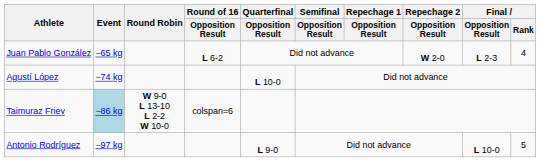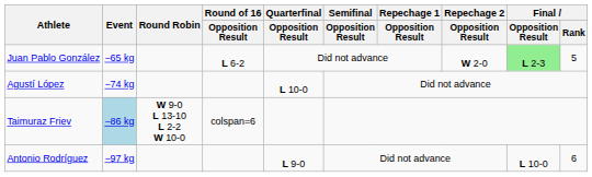 <table class="wikitable" style="font-size:90%">
 <tr>
 <th rowspan="2">Athlete</th>
 <th rowspan="2">Event</th>
 <th rowspan="2">Round Robin</th>
 <th>Round of 16</th>
 <th>Quarterfinal</th>
 <th>Semifinal</th>
 <th>Repechage 1</th>
 <th>Repechage 2</th>
 <th colspan=2>Final / </th>
 </tr>
 <tr style="font-size: 95%">
 <th>Opposition<br>Result</th>
 <th>Opposition<br>Result</th>
 <th>Opposition<br>Result</th>
 <th>Opposition<br>Result</th>
 <th>Opposition<br>Result</th>
 <th>Opposition<br>Result</th>
 <th>Rank</th>
 </tr>
 <tr align=center>
 <td align=left><a href='#'>Juan Pablo González</a></td>
 <td align=left><a href='#'>−65 kg</a></td>
 <td></td>
 <td><br><strong>L</strong> 6-2</td>
 <td colspan=3>Did not advance</td>
 <td><br><strong>W</strong> 2-0</td>
-<td><br><strong>L</strong> 2-3</td>
-<td>4</td>
+<td style="background: lightgreen;"><br><strong>L</strong> 2-3</td>
+<td>5</td>
 </tr>
 <tr align=center>
 <td align=left><a href='#'>Agustí López</a></td>
 <td align=left><a href='#'>−74 kg</a></td>
 <td></td>
 <td></td>
 <td><br><strong>L</strong> 10-0</td>
 <td colspan=5>Did not advance</td>
 </tr>
 <tr align=center>
 <td align=left><a href='#'>Taimuraz Friev</a></td>
 <td align=left style="background: lightblue;"><a href='#'>−86 kg</a></td>
 <td> <strong>W</strong> 9-0<br> <strong>L</strong> 13-10<br> <strong>L</strong> 2-2<br> <strong>W</strong> 10-0<br></td>
 <td>colspan=6 </td>
 <td></td>
 </tr>
 <tr align=center>
 <td align=left><a href='#'>Antonio Rodríguez</a></td>
 <td align=left><a href='#'>−97 kg</a></td>
 <td></td>
 <td></td>
 <td><br><strong>L</strong> 9-0</td>
 <td colspan=3>Did not advance</td>
 <td><br><strong>L</strong> 10-0</td>
-<td>5</td>
+<td>6</td>
 </tr>
 </table>
